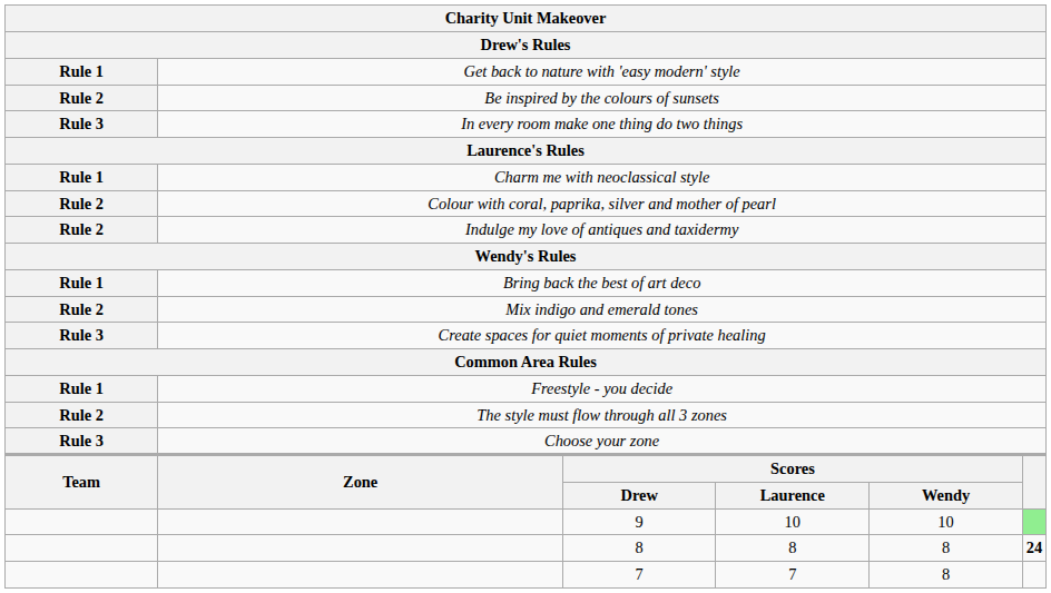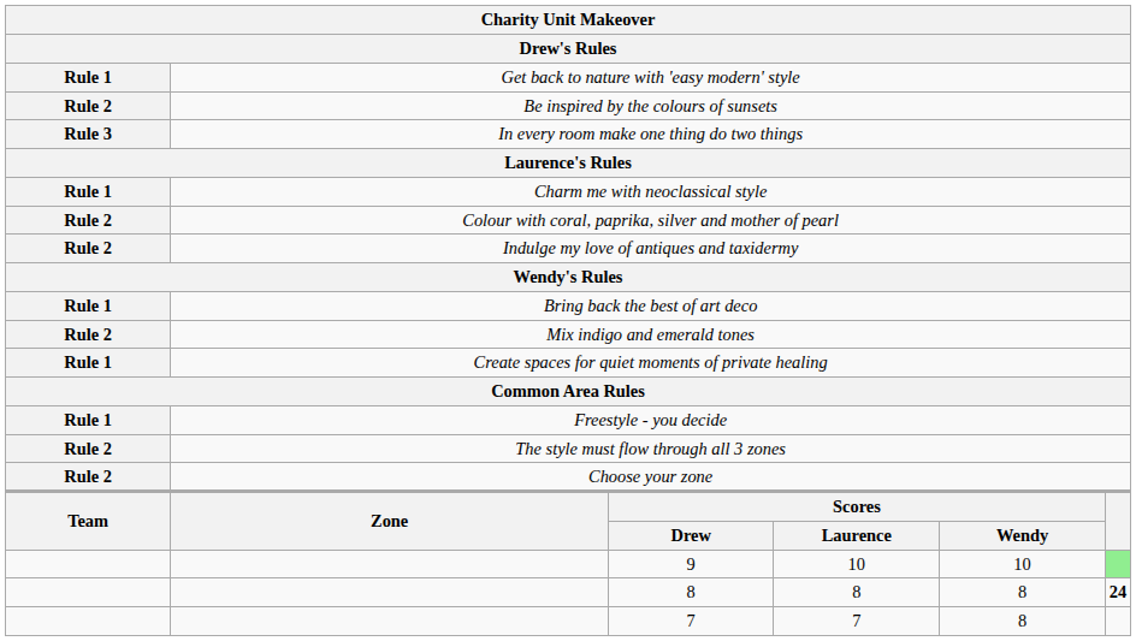 <table class="wikitable plainrowheaders" style="text-align:center; font-size:90%; width:65em;">
 <tr>
 <th colspan="6" >Charity Unit Makeover</th>
 </tr>
 <tr>
 <th colspan="6">Drew's Rules</th>
 </tr>
 <tr>
 <th>Rule 1</th>
 <td colspan="6"><em>Get back to nature with 'easy modern' style</em></td>
 </tr>
 <tr>
 <th>Rule 2</th>
 <td colspan="6"><em>Be inspired by the colours of sunsets</em></td>
 </tr>
 <tr>
 <th>Rule 3</th>
 <td colspan="6"><em>In every room make one thing do two things</em></td>
 </tr>
 <tr>
 <th colspan="6">Laurence's Rules</th>
 </tr>
 <tr>
 <th>Rule 1</th>
 <td colspan="6"><em>Charm me with neoclassical style</em></td>
 </tr>
 <tr>
 <th>Rule 2</th>
 <td colspan="6"><em>Colour with coral, paprika, silver and mother of pearl</em></td>
 </tr>
 <tr>
 <th>Rule 2</th>
 <td colspan="6"><em>Indulge my love of antiques and taxidermy</em></td>
 </tr>
 <tr>
 <th colspan="6">Wendy's Rules</th>
 </tr>
 <tr>
 <th>Rule 1</th>
 <td colspan="6"><em>Bring back the best of art deco</em></td>
 </tr>
 <tr>
 <th>Rule 2</th>
 <td colspan="6"><em>Mix indigo and emerald tones</em></td>
 </tr>
 <tr>
-<th>Rule 3</th>
+<th>Rule 1</th>
 <td colspan="6"><em>Create spaces for quiet moments of private healing</em></td>
 </tr>
 <tr>
 <th colspan="6">Common Area Rules</th>
 </tr>
 <tr>
 <th>Rule 1</th>
 <td colspan="6"><em>Freestyle - you decide</em></td>
 </tr>
 <tr>
 <th>Rule 2</th>
 <td colspan="6"><em>The style must flow through all 3 zones</em></td>
 </tr>
 <tr>
-<th>Rule 3</th>
+<th>Rule 2</th>
 <td colspan="6"><em>Choose your zone</em></td>
 </tr>
 <tr>
 </tr>
 <tr style="border-top:3px solid #aaa;">
 <th rowspan="2">Team</th>
 <th rowspan="2" style="width:40%;">Zone</th>
 <th colspan="3" style="width:30%;">Scores</th>
 <th rowspan="2" style="width:20%;"></th>
 </tr>
 <tr>
 <th style="width:15%;">Drew</th>
 <th style="width:15%;">Laurence</th>
 <th style="width:15%;">Wendy</th>
 </tr>
 <tr>
 <td style="width:15%;"></td>
 <td></td>
 <td>9</td>
 <td>10</td>
 <td>10</td>
 <td style="background:lightgreen"></td>
 </tr>
 <tr>
 <td style="width:15%;"></td>
 <td></td>
 <td>8</td>
 <td>8</td>
 <td>8</td>
 <td><strong>24</strong></td>
 </tr>
 <tr>
 <td style="width:15%;"></td>
 <td></td>
 <td>7</td>
 <td>7</td>
 <td>8</td>
 <td></td>
 </tr>
 </table>
